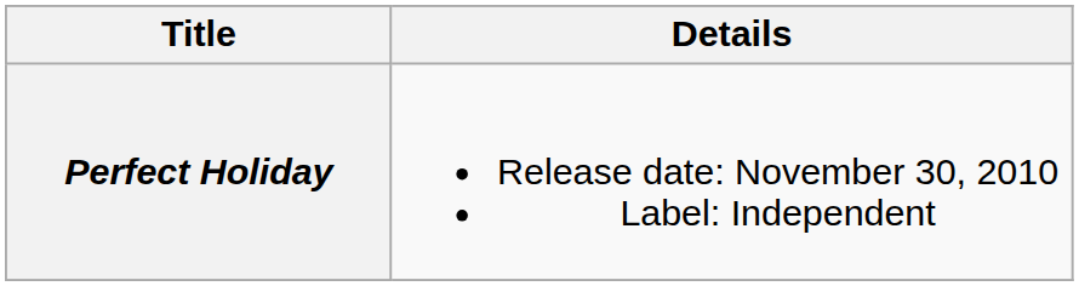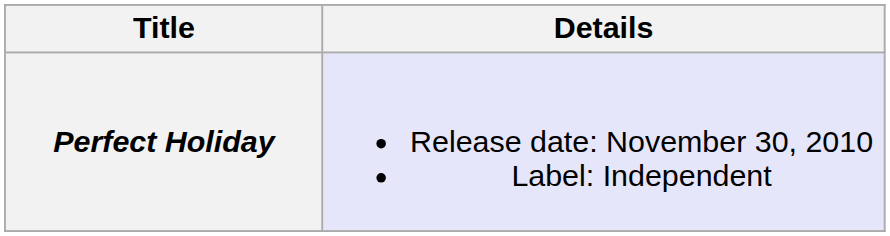 <table class="wikitable plainrowheaders" style="text-align:center;">
 <tr>
 <th style="width:10em;">Title</th>
 <th style="width:18em;">Details</th>
 </tr>
 <tr>
 <th scope="row"><em>Perfect Holiday</em></th>
-<td><br><ul><li>Release date: November 30, 2010</li><li>Label: Independent</li></ul></td>
+<td style="background: lavender;"><br><ul><li>Release date: November 30, 2010</li><li>Label: Independent</li></ul></td>
 </tr>
 </table>
